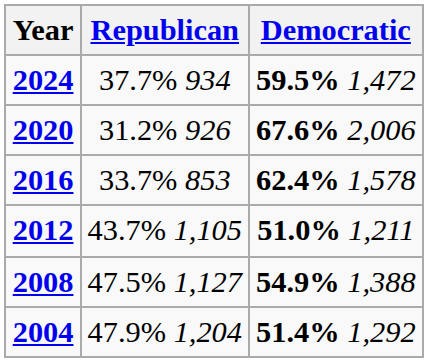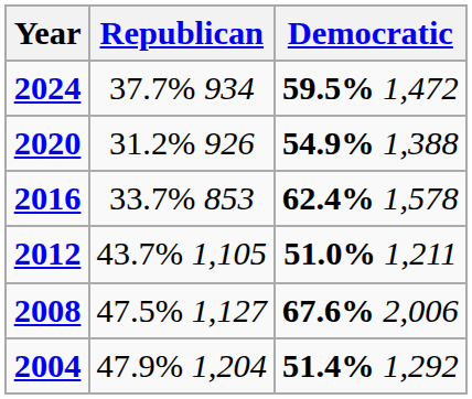 <table class="wikitable" style="float:right; margin: 1em 1em 1em 0; font-size: 95%;">
 <tr>
 <th>Year</th>
 <th><a href='#'>Republican</a></th>
 <th><a href='#'>Democratic</a></th>
 </tr>
 <tr>
 <td style="text-align:center; "><strong><a href='#'>2024</a></strong></td>
 <td style="text-align:center; ">37.7% <em>934</em></td>
 <td style="text-align:center; "><strong>59.5%</strong> <em>1,472</em></td>
 </tr>
 <tr>
 <td style="text-align:center; "><strong><a href='#'>2020</a></strong></td>
 <td style="text-align:center; ">31.2% <em>926</em></td>
-<td style="text-align:center; "><strong>67.6%</strong>  <em>2,006</em></td>
+<td style="text-align:center; "><strong>54.9%</strong>  <em>1,388</em></td>
 </tr>
 <tr>
 <td style="text-align:center; "><strong><a href='#'>2016</a></strong></td>
 <td style="text-align:center; ">33.7% <em>853</em></td>
 <td style="text-align:center; "><strong>62.4%</strong>  <em>1,578</em></td>
 </tr>
 <tr>
 <td style="text-align:center; "><strong><a href='#'>2012</a></strong></td>
 <td style="text-align:center; ">43.7% <em>1,105</em></td>
 <td style="text-align:center; "><strong>51.0%</strong>  <em>1,211</em></td>
 </tr>
 <tr>
 <td style="text-align:center; "><strong><a href='#'>2008</a></strong></td>
 <td style="text-align:center; ">47.5% <em>1,127</em></td>
-<td style="text-align:center; "><strong>54.9%</strong>  <em>1,388</em></td>
+<td style="text-align:center; "><strong>67.6%</strong>  <em>2,006</em></td>
 </tr>
 <tr>
 <td style="text-align:center; "><strong><a href='#'>2004</a></strong></td>
 <td style="text-align:center; ">47.9% <em>1,204</em></td>
 <td style="text-align:center; "><strong>51.4%</strong> <em>1,292</em></td>
 </tr>
 <tr>
 </tr>
 </table>
